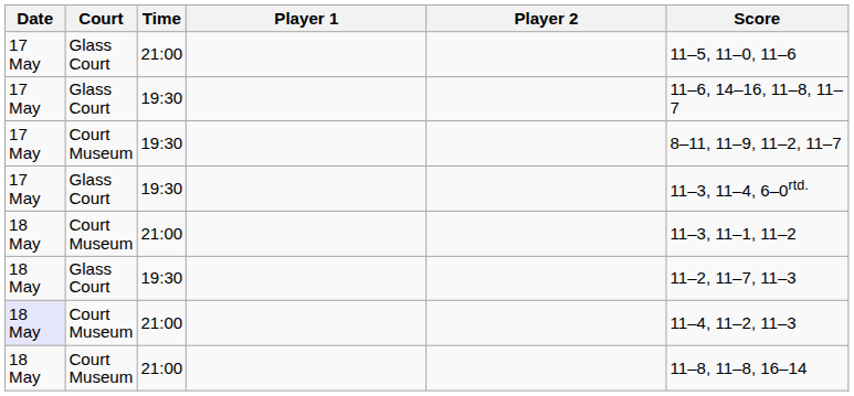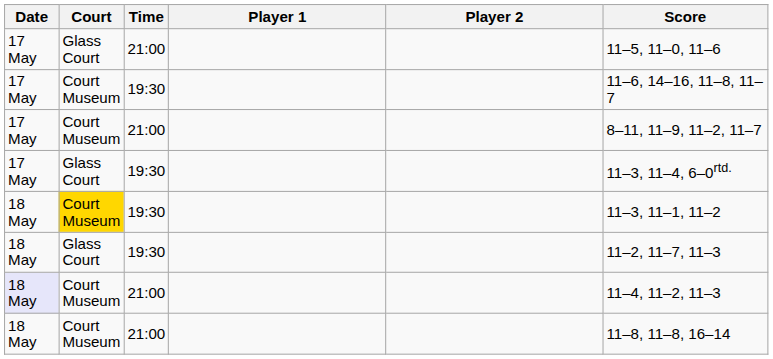 <table class="sortable wikitable" style="font-size:90%">
 <tr>
 <th width="45" class="unsortable">Date</th>
 <th width="55">Court</th>
 <th width="30">Time</th>
 <th width="200">Player 1</th>
 <th width="200">Player 2</th>
 <th width="150" class="unsortable">Score</th>
 </tr>
 <tr>
 <td>17 May</td>
 <td>Glass Court</td>
 <td>21:00</td>
 <td><strong></strong></td>
 <td></td>
 <td>11–5, 11–0, 11–6</td>
 </tr>
 <tr>
 <td>17 May</td>
-<td>Glass Court</td>
+<td>Court Museum</td>
 <td>19:30</td>
 <td><strong></strong></td>
 <td></td>
 <td>11–6, 14–16, 11–8, 11–7</td>
 </tr>
 <tr>
 <td>17 May</td>
 <td>Court Museum</td>
-<td>19:30</td>
+<td>21:00</td>
 <td></td>
 <td><strong></strong></td>
 <td>8–11, 11–9, 11–2, 11–7</td>
 </tr>
 <tr>
 <td>17 May</td>
 <td>Glass Court</td>
 <td>19:30</td>
 <td></td>
 <td><strong></strong></td>
 <td>11–3, 11–4, 6–0<sup>rtd.</sup></td>
 </tr>
 <tr>
 <td>18 May</td>
-<td>Court Museum</td>
-<td>21:00</td>
+<td style="background: gold;">Court Museum</td>
+<td>19:30</td>
 <td></td>
 <td><strong></strong></td>
 <td>11–3, 11–1, 11–2</td>
 </tr>
 <tr>
 <td>18 May</td>
 <td>Glass Court</td>
 <td>19:30</td>
 <td></td>
 <td><strong></strong></td>
 <td>11–2, 11–7, 11–3</td>
 </tr>
 <tr>
 <td style="background: lavender;">18 May</td>
 <td>Court Museum</td>
 <td>21:00</td>
 <td><strong></strong></td>
 <td></td>
 <td>11–4, 11–2, 11–3</td>
 </tr>
 <tr>
 <td>18 May</td>
 <td>Court Museum</td>
 <td>21:00</td>
 <td><strong></strong></td>
 <td></td>
 <td>11–8, 11–8, 16–14</td>
 </tr>
 </table>
